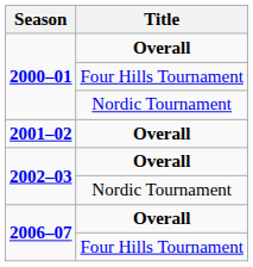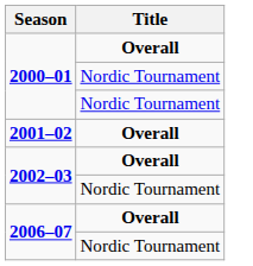 <table class="wikitable">
 <tr>
 <th><strong>Season</strong></th>
 <th><strong>Title</strong></th>
 </tr>
 <tr>
 <td rowspan="3" style="text-align:center;"><strong><a href='#'>2000–01</a></strong></td>
 <td align=center><strong>Overall</strong><br></td>
 </tr>
 <tr>
-<td align=center><a href='#'>Four Hills Tournament</a></td>
+<td align=center><a href='#'>Nordic Tournament</a></td>
 </tr>
 <tr>
 <td align=center><a href='#'>Nordic Tournament</a></td>
 </tr>
 <tr>
 <td style="text-align:center;"><strong><a href='#'>2001–02</a></strong></td>
 <td align=center><strong>Overall</strong><br></td>
 </tr>
 <tr>
 <td rowspan="2" style="text-align:center;"><strong><a href='#'>2002–03</a></strong></td>
 <td align=center><strong>Overall</strong><br></td>
 </tr>
 <tr>
 <td align=center>Nordic Tournament</td>
 </tr>
 <tr>
 <td rowspan="2" style="text-align:center;"><strong><a href='#'>2006–07</a></strong></td>
 <td align=center><strong>Overall</strong><br></td>
 </tr>
 <tr>
-<td align=center><a href='#'>Four Hills Tournament</a></td>
+<td align=center>Nordic Tournament</td>
 </tr>
 </table>
